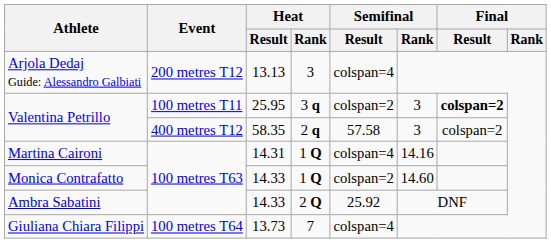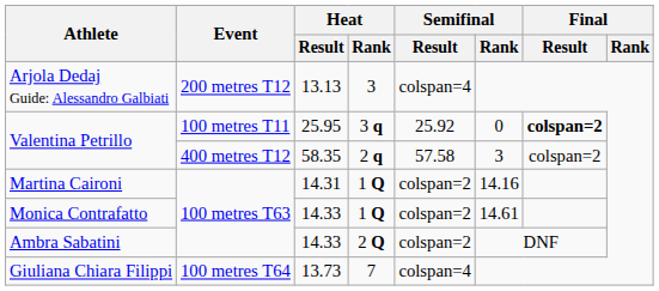 <table class="wikitable" style="font-size:90%">
 <tr>
 <th rowspan="2">Athlete</th>
 <th rowspan="2">Event</th>
 <th colspan="2">Heat</th>
 <th colspan="2">Semifinal</th>
 <th colspan="2">Final</th>
 </tr>
 <tr style="font-size:95%">
 <th>Result</th>
 <th>Rank</th>
 <th>Result</th>
 <th>Rank</th>
 <th>Result</th>
 <th>Rank</th>
 </tr>
 <tr align=center>
 <td align=left><a href='#'>Arjola Dedaj</a><br><small>Guide: <a href='#'>Alessandro Galbiati</a> </small></td>
 <td align=left><a href='#'>200 metres T12</a></td>
 <td>13.13</td>
 <td>3</td>
 <td>colspan=4 </td>
 </tr>
 <tr align=center>
 <td align=left rowspan=2><a href='#'>Valentina Petrillo</a></td>
 <td align=left><a href='#'>100 metres T11</a></td>
 <td>25.95</td>
 <td>3 <strong>q</strong></td>
-<td>colspan=2 </td>
-<td>3</td>
+<td>25.92</td>
+<td>0</td>
 <td><strong>colspan=2 </strong></td>
 </tr>
 <tr align=center>
 <td align=left><a href='#'>400 metres T12</a></td>
 <td>58.35</td>
 <td>2 <strong>q</strong></td>
 <td>57.58</td>
 <td>3</td>
 <td>colspan=2 </td>
 </tr>
 <tr align=center>
 <td align=left><a href='#'>Martina Caironi</a></td>
 <td align=left rowspan=3><a href='#'>100 metres T63</a></td>
 <td>14.31</td>
 <td>1 <strong>Q</strong></td>
-<td>colspan=4 </td>
+<td>colspan=2 </td>
 <td>14.16</td>
 <td></td>
 </tr>
 <tr align=center>
 <td align=left><a href='#'>Monica Contrafatto</a></td>
 <td>14.33</td>
 <td>1 <strong>Q</strong></td>
 <td>colspan=2 </td>
-<td>14.60</td>
+<td>14.61</td>
 <td></td>
 </tr>
 <tr align=center>
 <td align=left><a href='#'>Ambra Sabatini</a></td>
 <td>14.33</td>
 <td>2 <strong>Q</strong></td>
-<td>25.92</td>
+<td>colspan=2 </td>
 <td colspan="2">DNF</td>
 </tr>
 <tr align=center>
 <td align=left><a href='#'>Giuliana Chiara Filippi</a></td>
 <td align=left><a href='#'>100 metres T64</a></td>
 <td>13.73</td>
 <td>7</td>
 <td>colspan=4 </td>
 </tr>
 </table>
